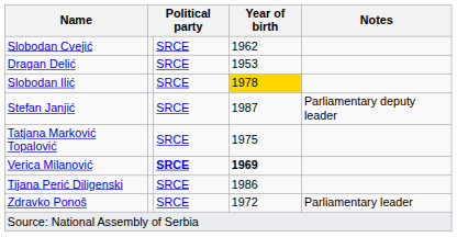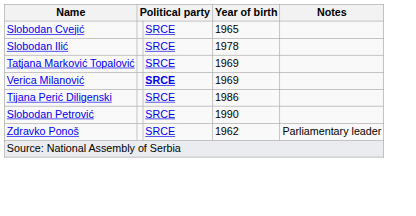 <table class="wikitable sortable" style="text-align:left">
 <tr>
 <th>Name</th>
 <th colspan="2">Political party</th>
 <th>Year of birth</th>
 <th>Notes</th>
 </tr>
 <tr>
 <td><a href='#'>Slobodan Cvejić</a></td>
 <td width="1" style="color:inherit;background: "></td>
 <td><a href='#'>SRCE</a></td>
-<td>1962</td>
-<td></td>
-</tr>
-<tr>
-<td><a href='#'>Dragan Delić</a></td>
-<td width="1" style="color:inherit;background: "></td>
-<td><a href='#'>SRCE</a></td>
-<td>1953</td>
+<td>1965</td>
 <td></td>
 </tr>
 <tr>
 <td><a href='#'>Slobodan Ilić</a></td>
 <td width="1" style="color:inherit;background: "></td>
 <td><a href='#'>SRCE</a></td>
-<td style="background: gold;">1978</td>
+<td>1978</td>
 <td></td>
-</tr>
-<tr>
-<td><a href='#'>Stefan Janjić</a></td>
-<td width="1" style="color:inherit;background: "></td>
-<td><a href='#'>SRCE</a></td>
-<td>1987</td>
-<td>Parliamentary deputy leader</td>
 </tr>
 <tr>
 <td><a href='#'>Tatjana Marković Topalović</a></td>
 <td width="1" style="color:inherit;background: "></td>
 <td><a href='#'>SRCE</a></td>
-<td>1975</td>
+<td>1969</td>
 <td></td>
 </tr>
 <tr>
 <td><a href='#'>Verica Milanović</a></td>
 <td width="1" style="color:inherit;background: "></td>
 <td><strong><a href='#'>SRCE</a></strong></td>
-<td><strong>1969</strong></td>
+<td>1969</td>
 <td></td>
 </tr>
 <tr>
 <td><a href='#'>Tijana Perić Diligenski</a></td>
 <td width="1" style="color:inherit;background: "></td>
 <td><a href='#'>SRCE</a></td>
 <td>1986</td>
 <td></td>
 </tr>
 <tr>
+<td><a href='#'>Slobodan Petrović</a></td>
+<td width="1" style="color:inherit;background: "></td>
+<td><a href='#'>SRCE</a></td>
+<td>1990</td>
+<td></td>
+</tr>
+<tr>
 <td><a href='#'>Zdravko Ponoš</a></td>
 <td width="1" style="color:inherit;background: "></td>
 <td><a href='#'>SRCE</a></td>
-<td>1972</td>
+<td>1962</td>
 <td>Parliamentary leader</td>
 </tr>
 <tr>
 <td style="background-color:#EAECF0" colspan="5">Source: National Assembly of Serbia</td>
 </tr>
 </table>
